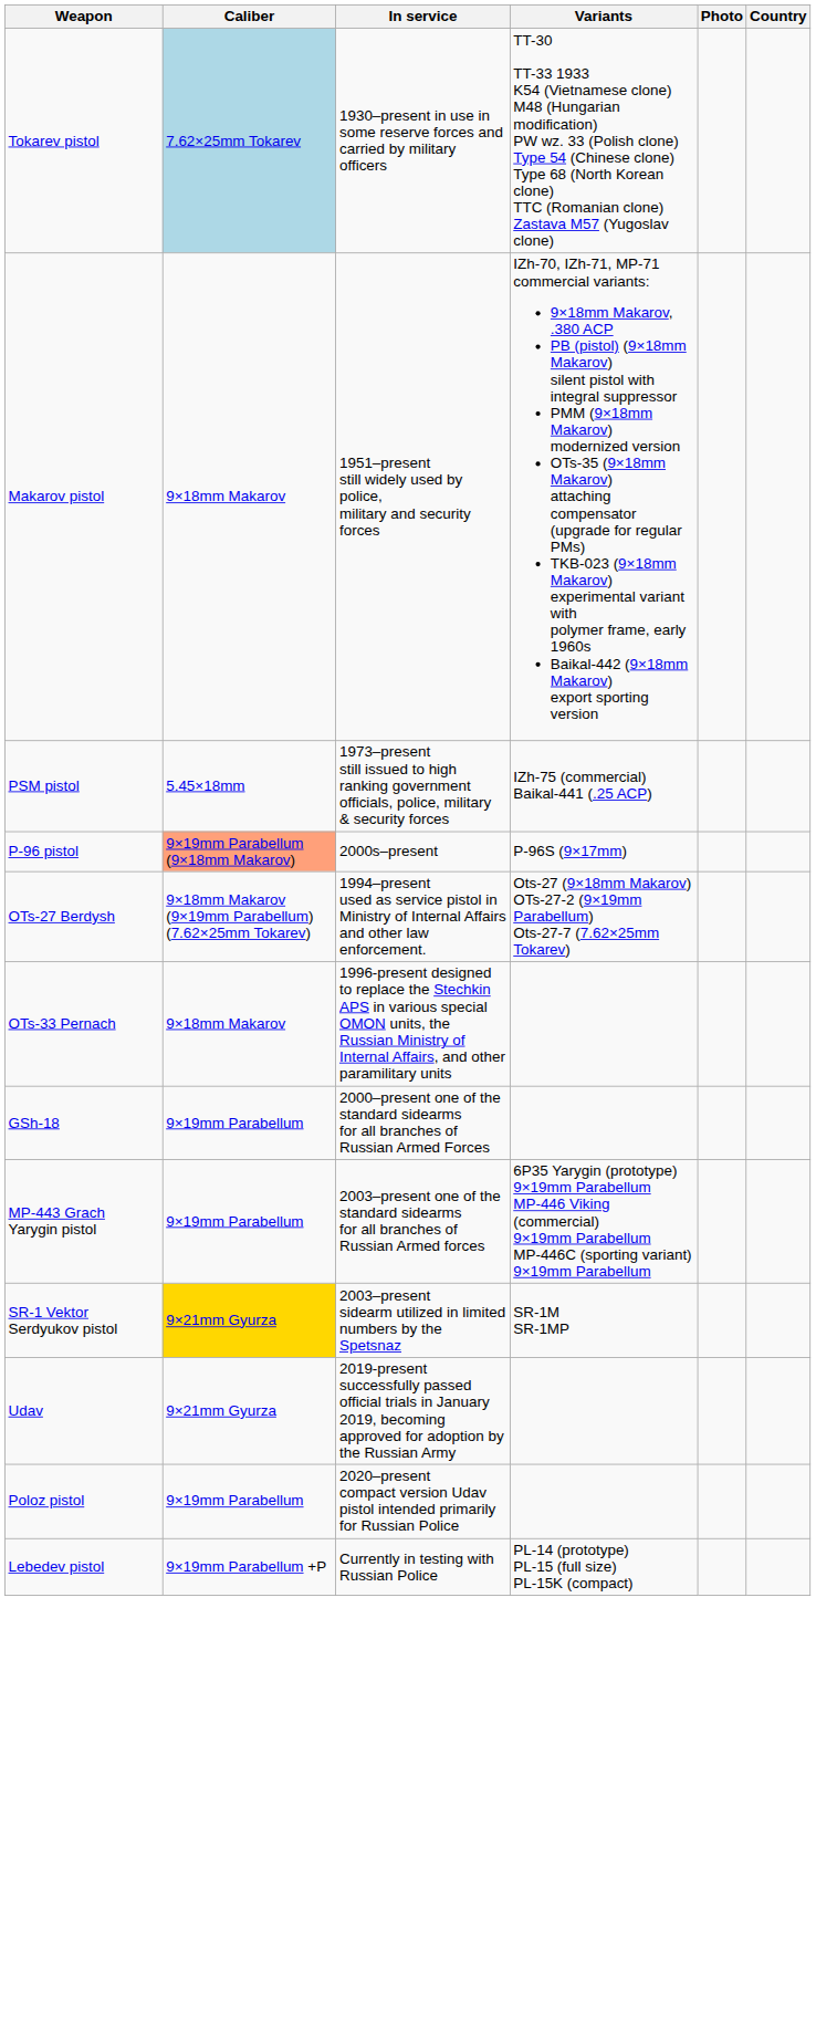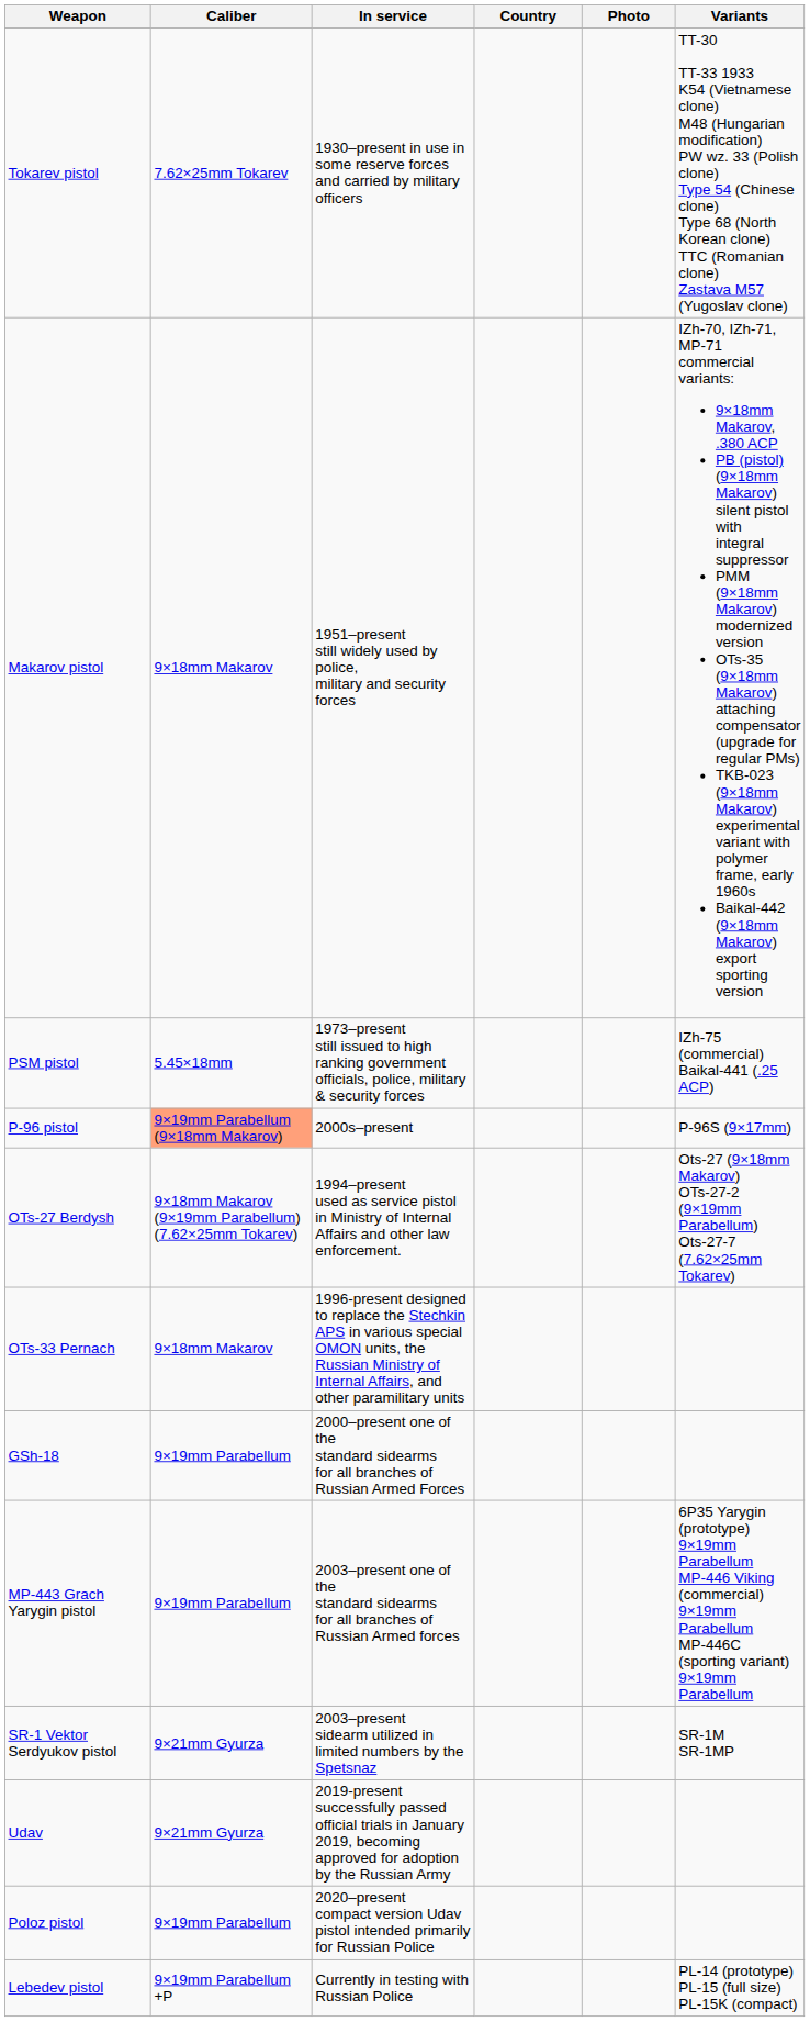 <table class="wikitable">
 <tr>
 <th style="width:22%;", align=left>Weapon</th>
 <th style="width:24%;", align=left>Caliber</th>
 <th style="width:24%;", align=left>In service</th>
+<th style="width:16%;", align=left>Country</th>
+<th style="width:29%;">Photo</th>
 <th style="width:25%;", align=left>Variants</th>
-<th style="width:29%;">Photo</th>
-<th style="width:16%;", align=left>Country</th>
 </tr>
 <tr>
 <td><a href='#'>Tokarev pistol</a></td>
-<td style="background: lightblue;"><a href='#'>7.62×25mm Tokarev</a></td>
+<td><a href='#'>7.62×25mm Tokarev</a></td>
 <td>1930–present in use in some reserve forces and carried by military officers</td>
-<td>TT-30<br><br>TT-33 1933<br> K54 (Vietnamese clone)<br> M48 (Hungarian modification)<br> PW wz. 33 (Polish clone)<br> <a href='#'>Type 54</a> (Chinese clone)<br> Type 68 (North Korean clone)<br> TTC (Romanian clone)<br> <a href='#'>Zastava M57</a> (Yugoslav clone)</td>
 <td></td>
 <td></td>
+<td>TT-30<br><br>TT-33 1933<br> K54 (Vietnamese clone)<br> M48 (Hungarian modification)<br> PW wz. 33 (Polish clone)<br> <a href='#'>Type 54</a> (Chinese clone)<br> Type 68 (North Korean clone)<br> TTC (Romanian clone)<br> <a href='#'>Zastava M57</a> (Yugoslav clone)</td>
 </tr>
 <tr>
 <td><a href='#'>Makarov pistol</a></td>
 <td><a href='#'>9×18mm Makarov</a></td>
 <td>1951–present<br>still widely used by police,<br>military and security forces</td>
+<td><br></td>
+<td></td>
 <td>IZh-70, IZh-71, MP-71 commercial variants:<br><ul><li><a href='#'>9×18mm Makarov</a>, <a href='#'>.380 ACP</a></li><li><a href='#'>PB (pistol)</a> (<a href='#'>9×18mm Makarov</a>)<br>silent pistol with<br>integral suppressor</li><li>PMM (<a href='#'>9×18mm Makarov</a>)<br>modernized version</li><li>OTs-35 (<a href='#'>9×18mm Makarov</a>)<br>attaching compensator<br>(upgrade for regular PMs)</li><li>TKB-023 (<a href='#'>9×18mm Makarov</a>)<br>experimental variant with<br>polymer frame, early 1960s</li><li>Baikal-442 (<a href='#'>9×18mm Makarov</a>)<br>export sporting version</li></ul></td>
-<td></td>
-<td><br></td>
 </tr>
 <tr>
 <td><a href='#'>PSM pistol</a></td>
 <td><a href='#'>5.45×18mm</a></td>
 <td>1973–present<br>still issued to high<br>ranking government<br>officials, police, military<br>& security forces</td>
+<td><br></td>
+<td></td>
 <td>IZh-75 (commercial)<br>Baikal-441 (<a href='#'>.25 ACP</a>)</td>
-<td></td>
-<td><br></td>
 </tr>
 <tr>
 <td><a href='#'>P-96 pistol</a></td>
 <td style="background: lightsalmon;"><a href='#'>9×19mm Parabellum</a><br>(<a href='#'>9×18mm Makarov</a>)</td>
 <td>2000s–present</td>
-<td>P-96S (<a href='#'>9×17mm</a>)</td>
 <td></td>
 <td></td>
+<td>P-96S (<a href='#'>9×17mm</a>)</td>
 </tr>
 <tr>
 <td><a href='#'>OTs-27 Berdysh</a></td>
 <td><a href='#'>9×18mm Makarov</a><br>(<a href='#'>9×19mm Parabellum</a>)<br>(<a href='#'>7.62×25mm Tokarev</a>)</td>
 <td>1994–present<br>used as service pistol in Ministry of Internal Affairs and other law enforcement.</td>
-<td>Ots-27 (<a href='#'>9×18mm Makarov</a>)<br> OTs-27-2 (<a href='#'>9×19mm Parabellum</a>)<br> Ots-27-7 (<a href='#'>7.62×25mm Tokarev</a>)</td>
 <td></td>
 <td></td>
+<td>Ots-27 (<a href='#'>9×18mm Makarov</a>)<br> OTs-27-2 (<a href='#'>9×19mm Parabellum</a>)<br> Ots-27-7 (<a href='#'>7.62×25mm Tokarev</a>)</td>
 </tr>
 <tr>
 <td><a href='#'>OTs-33 Pernach</a></td>
 <td><a href='#'>9×18mm Makarov</a></td>
 <td>1996-present designed to replace the <a href='#'>Stechkin APS</a> in various special <a href='#'>OMON</a> units, the <a href='#'>Russian Ministry of Internal Affairs</a>, and other paramilitary units</td>
 <td></td>
 <td></td>
 <td></td>
 </tr>
 <tr>
 <td><a href='#'>GSh-18</a></td>
 <td><a href='#'>9×19mm Parabellum</a></td>
 <td>2000–present one of the<br>standard sidearms<br>for all branches of<br>Russian Armed Forces</td>
 <td></td>
 <td></td>
 <td></td>
 </tr>
 <tr>
 <td><a href='#'>MP-443 Grach</a><br>Yarygin pistol</td>
 <td><a href='#'>9×19mm Parabellum</a></td>
 <td>2003–present one of the <br>standard sidearms<br>for all branches of<br>Russian Armed forces</td>
-<td>6P35 Yarygin (prototype)<br><a href='#'>9×19mm Parabellum</a><br><a href='#'>MP-446 Viking</a> (commercial)<br><a href='#'>9×19mm Parabellum</a><br>MP-446C (sporting variant)<br><a href='#'>9×19mm Parabellum</a></td>
 <td></td>
 <td></td>
+<td>6P35 Yarygin (prototype)<br><a href='#'>9×19mm Parabellum</a><br><a href='#'>MP-446 Viking</a> (commercial)<br><a href='#'>9×19mm Parabellum</a><br>MP-446C (sporting variant)<br><a href='#'>9×19mm Parabellum</a></td>
 </tr>
 <tr>
 <td><a href='#'>SR-1 Vektor</a> Serdyukov pistol</td>
-<td style="background: gold;"><a href='#'>9×21mm Gyurza</a></td>
+<td><a href='#'>9×21mm Gyurza</a></td>
 <td>2003–present<br> sidearm utilized in limited numbers by the <a href='#'>Spetsnaz</a></td>
-<td>SR-1M<br>SR-1MP</td>
 <td></td>
 <td></td>
+<td>SR-1M<br>SR-1MP</td>
 </tr>
 <tr>
 <td><a href='#'>Udav</a></td>
 <td><a href='#'>9×21mm Gyurza</a></td>
 <td>2019-present<br>successfully passed official trials in January 2019, becoming approved for adoption by the Russian Army</td>
 <td></td>
 <td></td>
 <td></td>
 </tr>
 <tr>
 <td><a href='#'>Poloz pistol</a></td>
 <td><a href='#'>9×19mm Parabellum</a></td>
 <td>2020–present<br> compact version Udav pistol intended primarily for Russian Police</td>
 <td></td>
 <td></td>
 <td></td>
 </tr>
 <tr>
 <td><a href='#'>Lebedev pistol</a></td>
 <td><a href='#'>9×19mm Parabellum</a> +P</td>
 <td>Currently in testing with Russian Police</td>
-<td>PL-14 (prototype)<br> PL-15 (full size)<br> PL-15K (compact)</td>
 <td></td>
 <td></td>
+<td>PL-14 (prototype)<br> PL-15 (full size)<br> PL-15K (compact)</td>
 </tr>
 </table>
